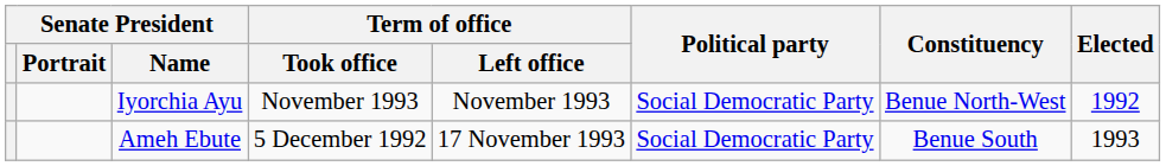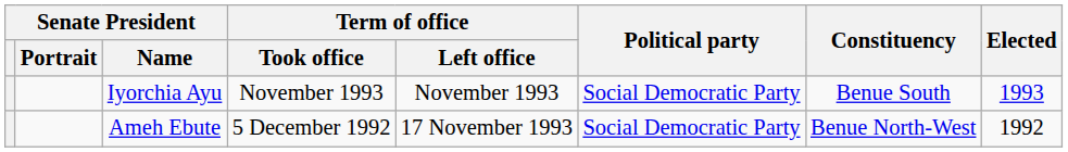 <table class=wikitable style=text-align:center>
 <tr>
 <th colspan=3>Senate President</th>
 <th colspan=2>Term of office</th>
 <th rowspan=2>Political party</th>
 <th rowspan=2>Constituency</th>
 <th rowspan=2>Elected</th>
 </tr>
 <tr>
 <th></th>
 <th>Portrait</th>
 <th>Name</th>
 <th>Took office</th>
 <th>Left office</th>
 </tr>
 <tr>
 <th style="background:"></th>
 <td></td>
 <td><a href='#'>Iyorchia Ayu</a></td>
 <td>November 1993</td>
 <td>November 1993</td>
 <td><a href='#'>Social Democratic Party</a></td>
-<td><a href='#'>Benue North-West</a></td>
-<td><a href='#'>1992</a></td>
+<td><a href='#'>Benue South</a></td>
+<td><a href='#'>1993</a></td>
 </tr>
 <tr>
 <th style="background:"></th>
 <td></td>
 <td><a href='#'>Ameh Ebute</a></td>
 <td>5 December 1992</td>
 <td>17 November 1993</td>
 <td><a href='#'>Social Democratic Party</a></td>
-<td><a href='#'>Benue South</a></td>
-<td>1993</td>
+<td><a href='#'>Benue North-West</a></td>
+<td>1992</td>
 </tr>
 </table>
